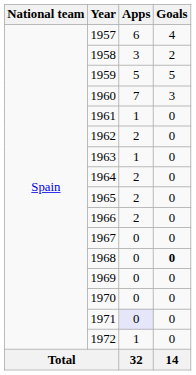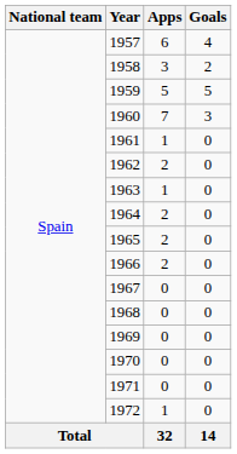 <table class="wikitable" style="text-align:center">
 <tr>
 <th>National team</th>
 <th>Year</th>
 <th>Apps</th>
 <th>Goals</th>
 </tr>
 <tr>
 <td rowspan="16"><a href='#'>Spain</a></td>
 <td>1957</td>
 <td>6</td>
 <td>4</td>
 </tr>
 <tr>
 <td>1958</td>
 <td>3</td>
 <td>2</td>
 </tr>
 <tr>
 <td>1959</td>
 <td>5</td>
 <td>5</td>
 </tr>
 <tr>
 <td>1960</td>
 <td>7</td>
 <td>3</td>
 </tr>
 <tr>
 <td>1961</td>
 <td>1</td>
 <td>0</td>
 </tr>
 <tr>
 <td>1962</td>
 <td>2</td>
 <td>0</td>
 </tr>
 <tr>
 <td>1963</td>
 <td>1</td>
 <td>0</td>
 </tr>
 <tr>
 <td>1964</td>
 <td>2</td>
 <td>0</td>
 </tr>
 <tr>
 <td>1965</td>
 <td>2</td>
 <td>0</td>
 </tr>
 <tr>
 <td>1966</td>
 <td>2</td>
 <td>0</td>
 </tr>
 <tr>
 <td>1967</td>
 <td>0</td>
 <td>0</td>
 </tr>
 <tr>
 <td>1968</td>
 <td>0</td>
-<td><strong>0</strong></td>
+<td>0</td>
 </tr>
 <tr>
 <td>1969</td>
 <td>0</td>
 <td>0</td>
 </tr>
 <tr>
 <td>1970</td>
 <td>0</td>
 <td>0</td>
 </tr>
 <tr>
 <td>1971</td>
-<td style="background: lavender;">0</td>
+<td>0</td>
 <td>0</td>
 </tr>
 <tr>
 <td>1972</td>
 <td>1</td>
 <td>0</td>
 </tr>
 <tr>
 <th colspan="2">Total</th>
 <th>32</th>
 <th>14</th>
 </tr>
 </table>
